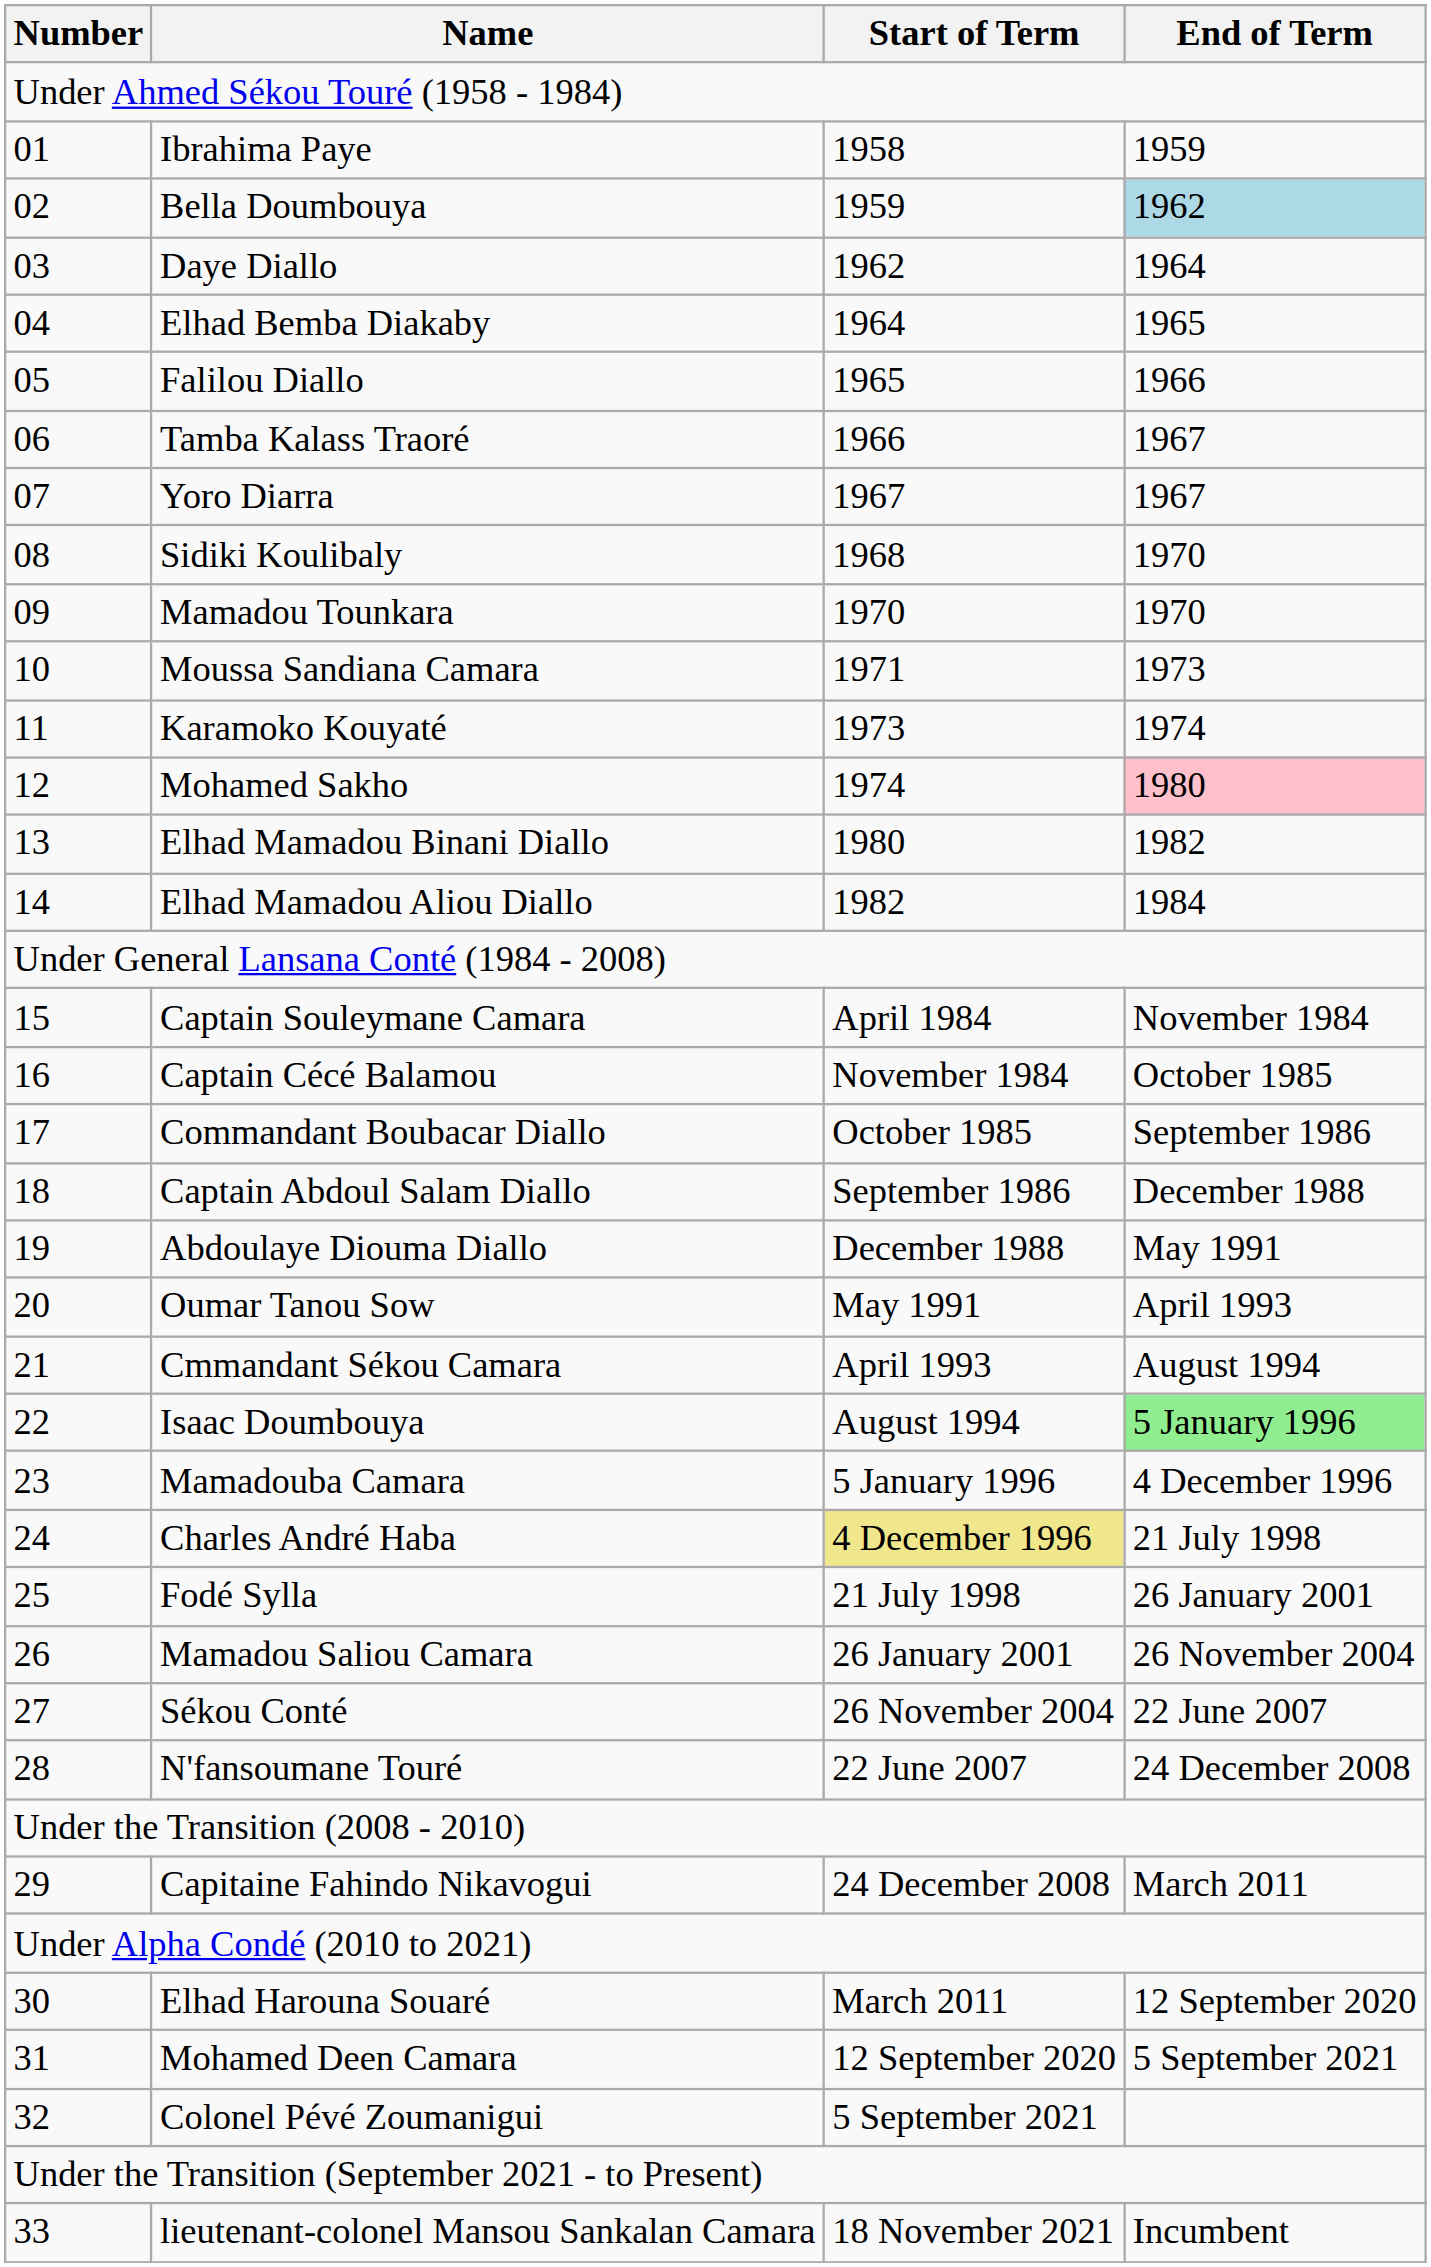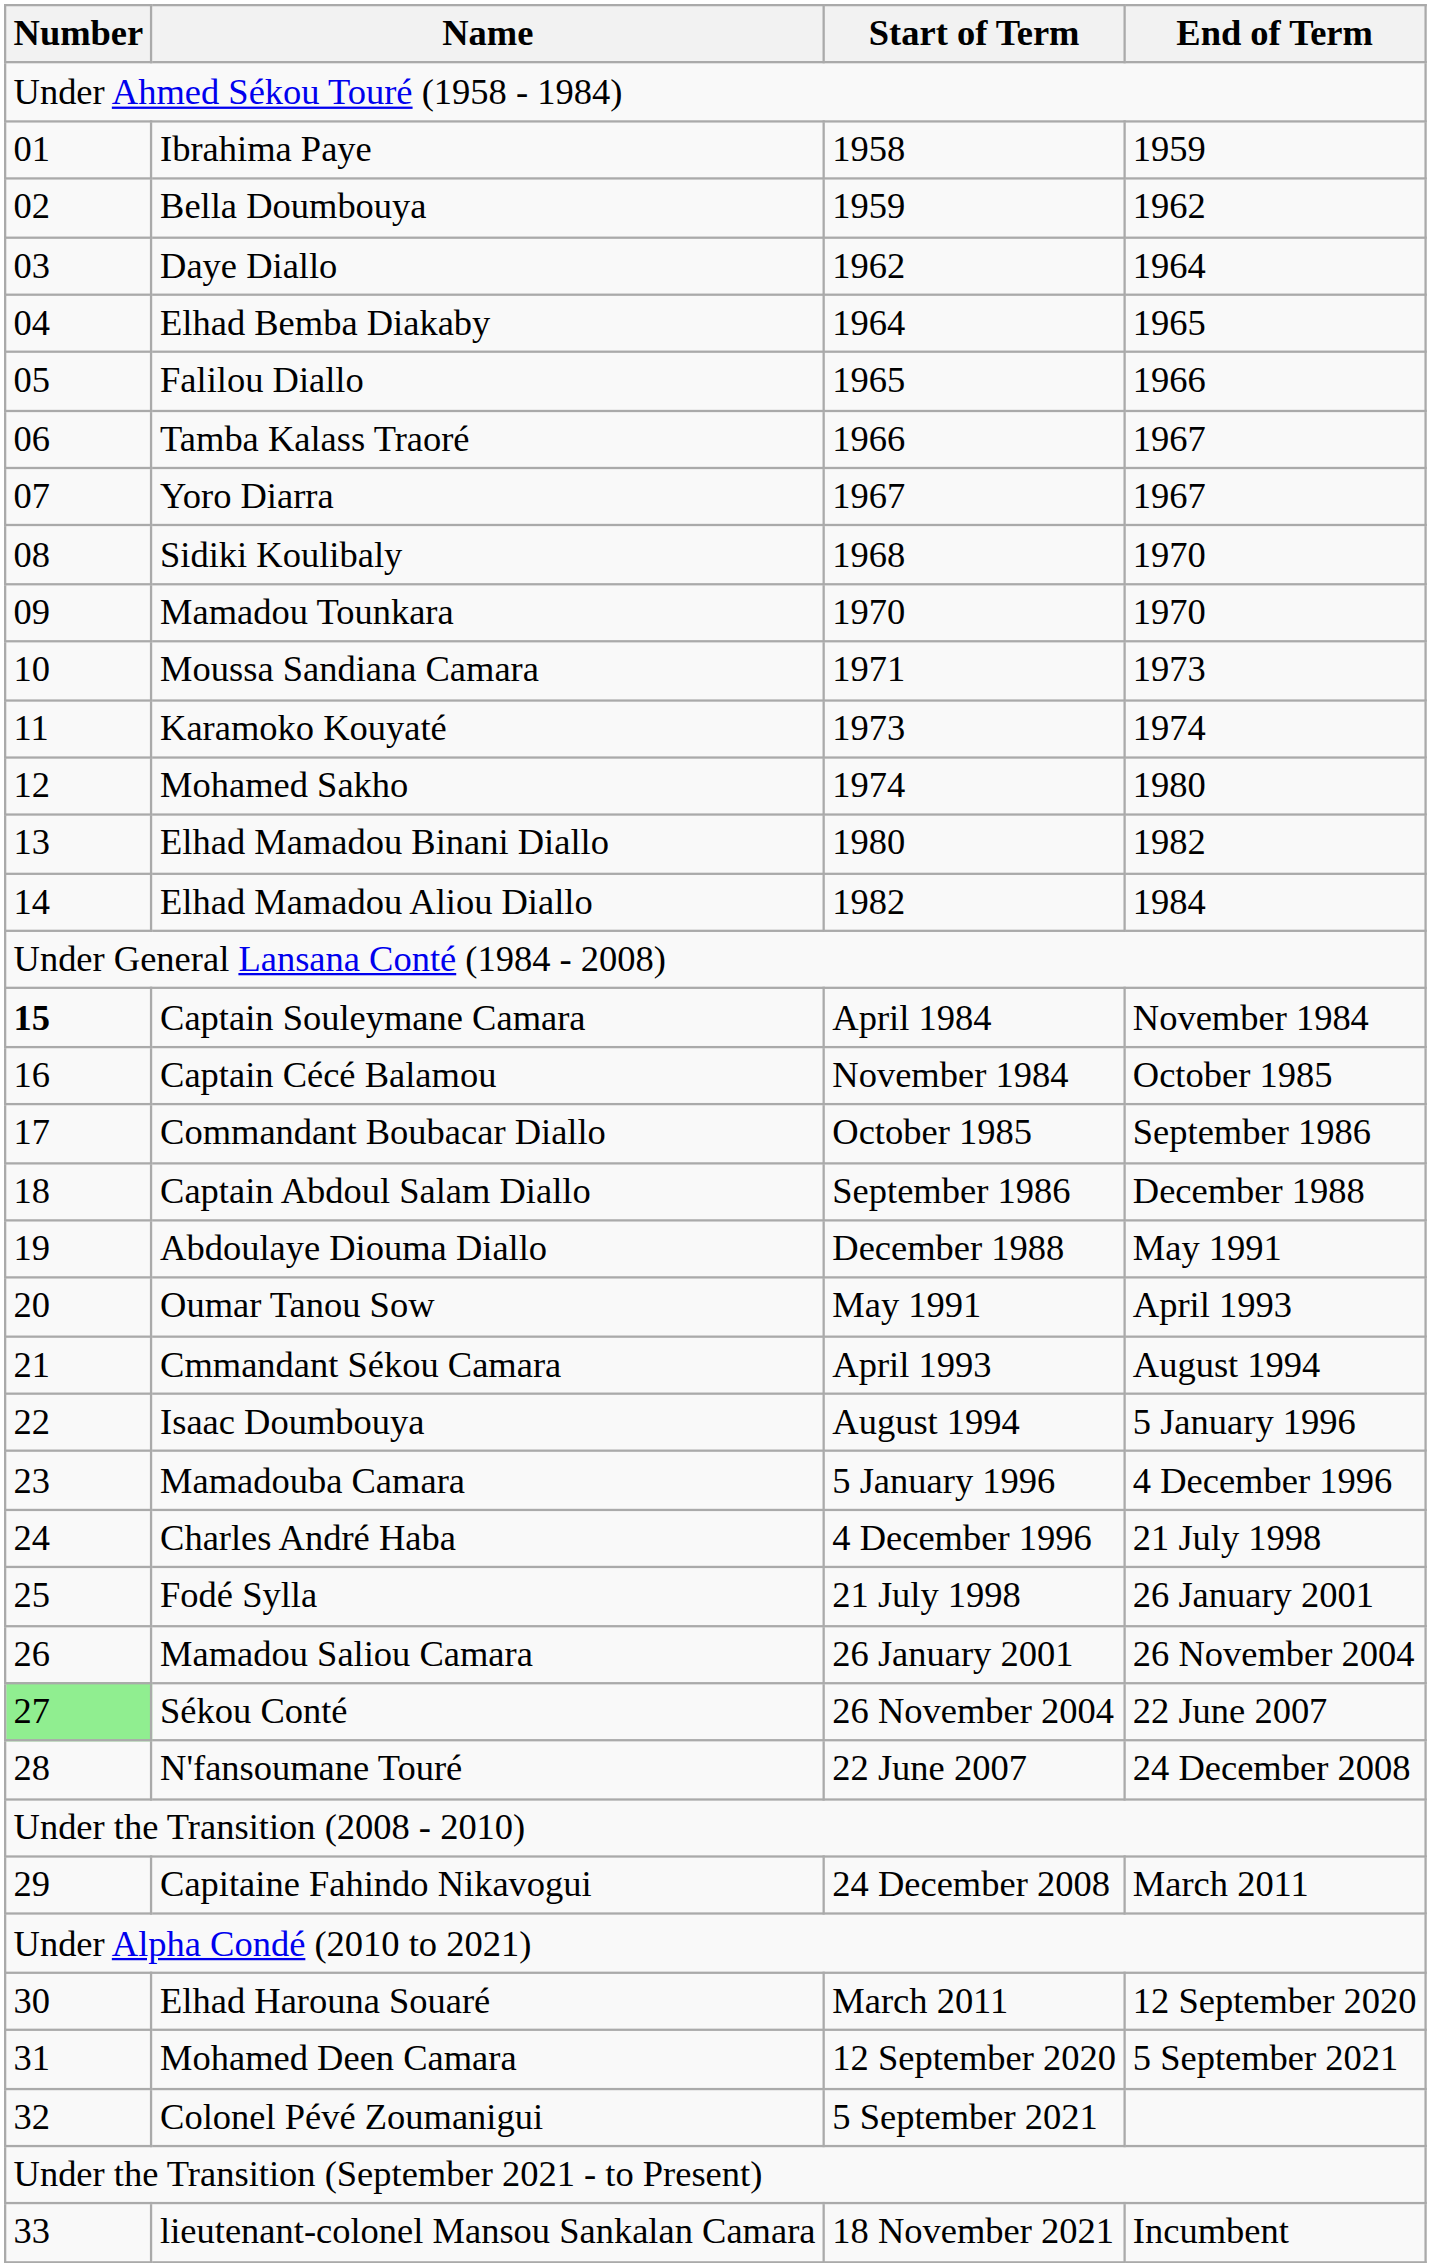 <table class="wikitable">
 <tr>
 <th>Number</th>
 <th>Name</th>
 <th>Start of Term</th>
 <th>End of Term</th>
 </tr>
 <tr>
 <td colspan="4">Under <a href='#'>Ahmed Sékou Touré</a> (1958 - 1984)</td>
 </tr>
 <tr>
 <td>01</td>
 <td>Ibrahima Paye</td>
 <td>1958</td>
 <td>1959</td>
 </tr>
 <tr>
 <td>02</td>
 <td>Bella Doumbouya</td>
 <td>1959</td>
-<td style="background: lightblue;">1962</td>
+<td>1962</td>
 </tr>
 <tr>
 <td>03</td>
 <td>Daye Diallo</td>
 <td>1962</td>
 <td>1964</td>
 </tr>
 <tr>
 <td>04</td>
 <td>Elhad Bemba Diakaby</td>
 <td>1964</td>
 <td>1965</td>
 </tr>
 <tr>
 <td>05</td>
 <td>Falilou Diallo</td>
 <td>1965</td>
 <td>1966</td>
 </tr>
 <tr>
 <td>06</td>
 <td>Tamba Kalass Traoré</td>
 <td>1966</td>
 <td>1967</td>
 </tr>
 <tr>
 <td>07</td>
 <td>Yoro Diarra</td>
 <td>1967</td>
 <td>1967</td>
 </tr>
 <tr>
 <td>08</td>
 <td>Sidiki Koulibaly</td>
 <td>1968</td>
 <td>1970</td>
 </tr>
 <tr>
 <td>09</td>
 <td>Mamadou Tounkara</td>
 <td>1970</td>
 <td>1970</td>
 </tr>
 <tr>
 <td>10</td>
 <td>Moussa Sandiana Camara</td>
 <td>1971</td>
 <td>1973</td>
 </tr>
 <tr>
 <td>11</td>
 <td>Karamoko Kouyaté</td>
 <td>1973</td>
 <td>1974</td>
 </tr>
 <tr>
 <td>12</td>
 <td>Mohamed Sakho</td>
 <td>1974</td>
-<td style="background: pink;">1980</td>
+<td>1980</td>
 </tr>
 <tr>
 <td>13</td>
 <td>Elhad Mamadou Binani Diallo</td>
 <td>1980</td>
 <td>1982</td>
 </tr>
 <tr>
 <td>14</td>
 <td>Elhad Mamadou Aliou Diallo</td>
 <td>1982</td>
 <td>1984</td>
 </tr>
 <tr>
 <td colspan="4">Under General <a href='#'>Lansana Conté</a> (1984 - 2008)</td>
 </tr>
 <tr>
-<td>15</td>
+<td><strong>15</strong></td>
 <td>Captain Souleymane Camara</td>
 <td>April 1984</td>
 <td>November 1984</td>
 </tr>
 <tr>
 <td>16</td>
 <td>Captain Cécé Balamou</td>
 <td>November 1984</td>
 <td>October 1985</td>
 </tr>
 <tr>
 <td>17</td>
 <td>Commandant Boubacar Diallo</td>
 <td>October 1985</td>
 <td>September 1986</td>
 </tr>
 <tr>
 <td>18</td>
 <td>Captain Abdoul Salam Diallo</td>
 <td>September 1986</td>
 <td>December 1988</td>
 </tr>
 <tr>
 <td>19</td>
 <td>Abdoulaye Diouma Diallo</td>
 <td>December 1988</td>
 <td>May 1991</td>
 </tr>
 <tr>
 <td>20</td>
 <td>Oumar Tanou Sow</td>
 <td>May 1991</td>
 <td>April 1993</td>
 </tr>
 <tr>
 <td>21</td>
 <td>Cmmandant Sékou Camara</td>
 <td>April 1993</td>
 <td>August 1994</td>
 </tr>
 <tr>
 <td>22</td>
 <td>Isaac Doumbouya</td>
 <td>August 1994</td>
-<td style="background: lightgreen;">5 January 1996</td>
+<td>5 January 1996</td>
 </tr>
 <tr>
 <td>23</td>
 <td>Mamadouba Camara</td>
 <td>5 January 1996</td>
 <td>4 December 1996</td>
 </tr>
 <tr>
 <td>24</td>
 <td>Charles André Haba</td>
-<td style="background: khaki;">4 December 1996</td>
+<td>4 December 1996</td>
 <td>21 July 1998</td>
 </tr>
 <tr>
 <td>25</td>
 <td>Fodé Sylla</td>
 <td>21 July 1998</td>
 <td>26 January 2001</td>
 </tr>
 <tr>
 <td>26</td>
 <td>Mamadou Saliou Camara</td>
 <td>26 January 2001</td>
 <td>26 November 2004</td>
 </tr>
 <tr>
-<td>27</td>
+<td style="background: lightgreen;">27</td>
 <td>Sékou Conté</td>
 <td>26 November 2004</td>
 <td>22 June 2007</td>
 </tr>
 <tr>
 <td>28</td>
 <td>N'fansoumane Touré</td>
 <td>22 June 2007</td>
 <td>24 December 2008</td>
 </tr>
 <tr>
 <td colspan="4">Under the Transition (2008 - 2010)</td>
 </tr>
 <tr>
 <td>29</td>
 <td>Capitaine Fahindo Nikavogui</td>
 <td>24 December 2008</td>
 <td>March 2011</td>
 </tr>
 <tr>
 <td colspan="4">Under <a href='#'>Alpha Condé</a> (2010 to 2021)</td>
 </tr>
 <tr>
 <td>30</td>
 <td>Elhad Harouna Souaré</td>
 <td>March 2011</td>
 <td>12 September 2020</td>
 </tr>
 <tr>
 <td>31</td>
 <td>Mohamed Deen Camara</td>
 <td>12 September 2020</td>
 <td>5 September 2021</td>
 </tr>
 <tr>
 <td>32</td>
 <td>Colonel Pévé Zoumanigui</td>
 <td>5 September 2021</td>
 <td></td>
 </tr>
 <tr>
 <td colspan="4">Under the Transition (September 2021 - to Present)</td>
 </tr>
 <tr>
 <td>33</td>
 <td>lieutenant-colonel Mansou Sankalan Camara</td>
 <td>18 November 2021</td>
 <td>Incumbent</td>
 </tr>
 </table>
